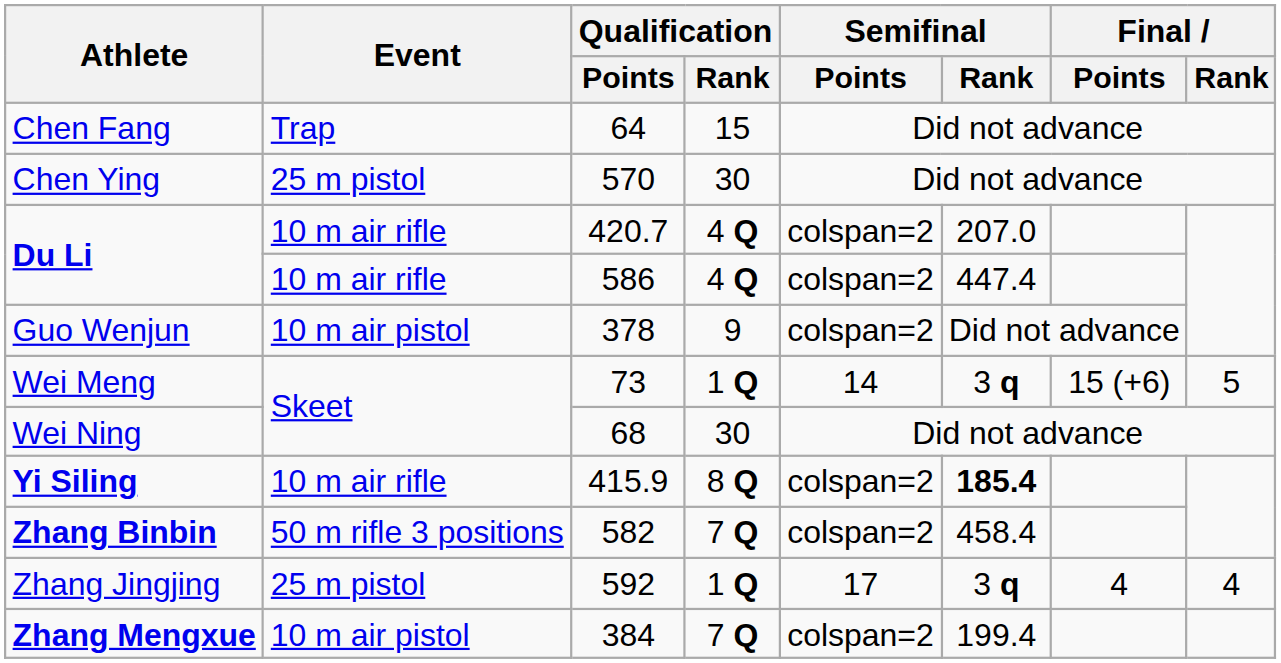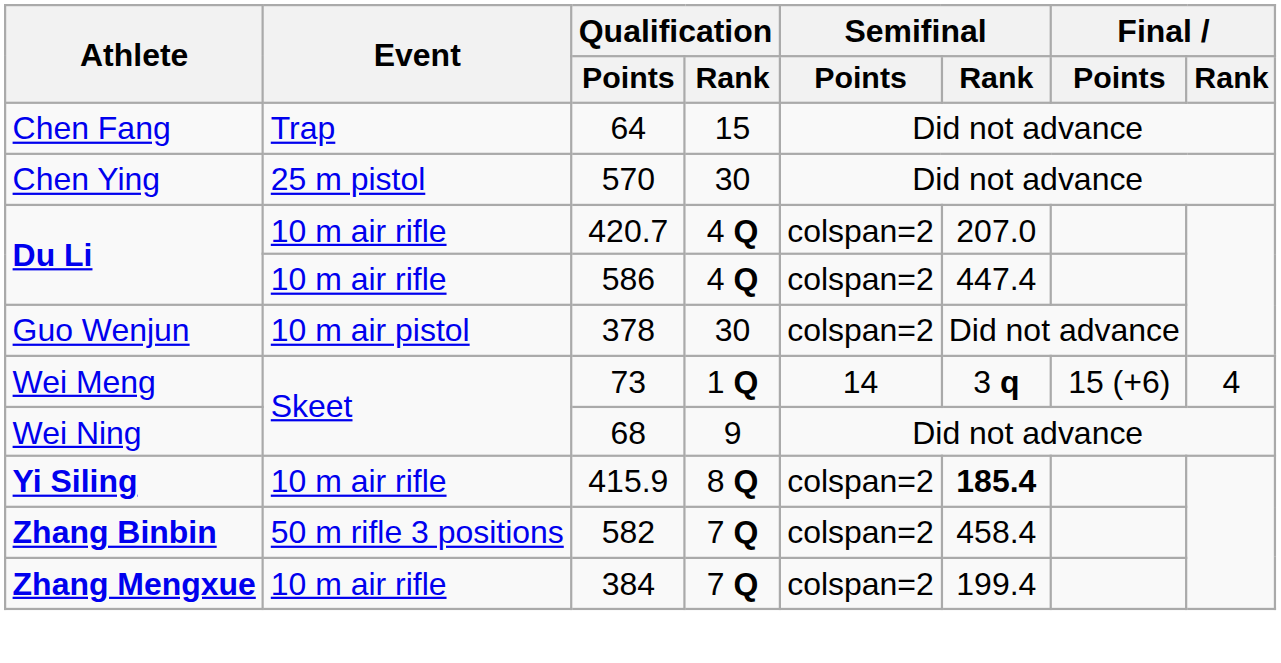 <table class="wikitable" style="font-size:90%">
 <tr>
 <th rowspan="2">Athlete</th>
 <th rowspan="2">Event</th>
 <th colspan=2>Qualification</th>
 <th colspan=2>Semifinal</th>
 <th colspan=2>Final / </th>
 </tr>
 <tr style="font-size:95%">
 <th>Points</th>
 <th>Rank</th>
 <th>Points</th>
 <th>Rank</th>
 <th>Points</th>
 <th>Rank</th>
 </tr>
 <tr align=center>
 <td align=left><a href='#'>Chen Fang</a></td>
 <td align=left><a href='#'>Trap</a></td>
 <td>64</td>
 <td>15</td>
 <td colspan=4>Did not advance</td>
 </tr>
 <tr align=center>
 <td align=left><a href='#'>Chen Ying</a></td>
 <td align=left><a href='#'>25 m pistol</a></td>
 <td>570</td>
 <td>30</td>
 <td colspan=4>Did not advance</td>
 </tr>
 <tr align=center>
 <td align=left rowspan=2><strong><a href='#'>Du Li</a></strong></td>
 <td align=left><a href='#'>10 m air rifle</a></td>
 <td>420.7 </td>
 <td>4 <strong>Q</strong></td>
 <td>colspan=2 </td>
 <td>207.0</td>
 <td></td>
 </tr>
 <tr align=center>
 <td align=left><a href='#'>10 m air rifle</a></td>
 <td>586</td>
 <td>4 <strong>Q</strong></td>
 <td>colspan=2 </td>
 <td>447.4</td>
 <td></td>
 </tr>
 <tr align=center>
 <td align=left><a href='#'>Guo Wenjun</a></td>
 <td align=left><a href='#'>10 m air pistol</a></td>
 <td>378</td>
-<td>9</td>
+<td>30</td>
 <td>colspan=2 </td>
 <td colspan=2>Did not advance</td>
 </tr>
 <tr align=center>
 <td align=left><a href='#'>Wei Meng</a></td>
 <td align=left rowspan=2><a href='#'>Skeet</a></td>
 <td>73</td>
 <td>1 <strong>Q</strong></td>
 <td>14</td>
 <td>3 <strong>q</strong></td>
 <td>15 (+6)</td>
-<td>5</td>
+<td>4</td>
 </tr>
 <tr align=center>
 <td align=left><a href='#'>Wei Ning</a></td>
 <td>68</td>
-<td>30</td>
+<td>9</td>
 <td colspan=4>Did not advance</td>
 </tr>
 <tr align=center>
 <td align=left><strong><a href='#'>Yi Siling</a></strong></td>
 <td align=left><a href='#'>10 m air rifle</a></td>
 <td>415.9</td>
 <td>8 <strong>Q</strong></td>
 <td>colspan=2 </td>
 <td><strong>185.4</strong></td>
 <td></td>
 </tr>
 <tr align=center>
 <td align=left><strong><a href='#'>Zhang Binbin</a></strong></td>
 <td align=left><a href='#'>50 m rifle 3 positions</a></td>
 <td>582</td>
 <td>7 <strong>Q</strong></td>
 <td>colspan=2 </td>
 <td>458.4</td>
 <td></td>
 </tr>
 <tr align=center>
-<td align=left><a href='#'>Zhang Jingjing</a></td>
-<td align=left><a href='#'>25 m pistol</a></td>
-<td>592 </td>
-<td>1 <strong>Q</strong></td>
-<td>17</td>
-<td>3 <strong>q</strong></td>
-<td>4</td>
-<td>4</td>
-</tr>
-<tr align=center>
 <td align=left><strong><a href='#'>Zhang Mengxue</a></strong></td>
-<td align=left><a href='#'>10 m air pistol</a></td>
+<td align=left><a href='#'>10 m air rifle</a></td>
 <td>384</td>
 <td>7 <strong>Q</strong></td>
 <td>colspan=2 </td>
 <td>199.4</td>
 <td></td>
 </tr>
 </table>
